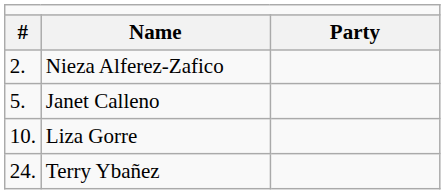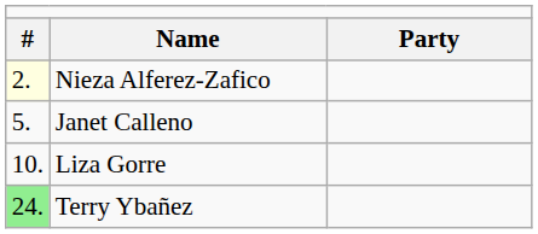 <table class=wikitable style="font-size:90%">
 <tr>
 <td colspan=4 bgcolor=></td>
 </tr>
 <tr>
 <th>#</th>
 <th width=150px>Name</th>
 <th colspan=2 width=110px>Party</th>
 </tr>
 <tr>
-<td>2.</td>
+<td style="background: lightyellow;">2.</td>
 <td>Nieza Alferez-Zafico</td>
 <td></td>
 </tr>
 <tr>
 <td>5.</td>
 <td>Janet Calleno</td>
 <td></td>
 </tr>
 <tr>
 <td>10.</td>
 <td>Liza Gorre</td>
 <td></td>
 </tr>
 <tr>
-<td>24.</td>
+<td style="background: lightgreen;">24.</td>
 <td>Terry Ybañez</td>
 <td></td>
 </tr>
 </table>
